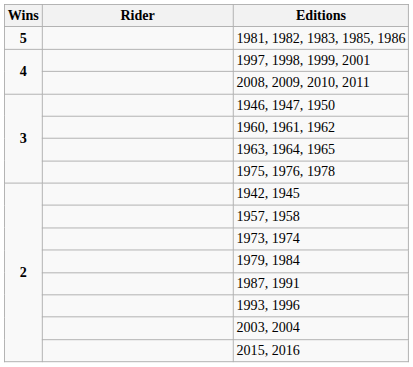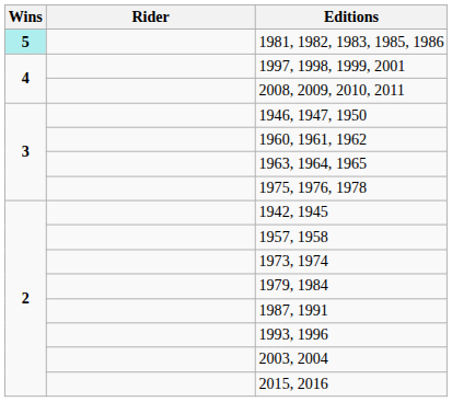 <table class="wikitable">
 <tr>
 <th>Wins</th>
 <th>Rider</th>
 <th>Editions</th>
 </tr>
 <tr>
-<td align="center"><strong>5</strong></td>
+<td align="center" style="background: paleturquoise;"><strong>5</strong></td>
 <td width=210px></td>
 <td>1981, 1982, 1983, 1985, 1986</td>
 </tr>
 <tr>
 <td rowspan= 2 align="center"><strong>4</strong></td>
 <td></td>
 <td>1997, 1998, 1999, 2001</td>
 </tr>
 <tr>
 <td></td>
 <td>2008, 2009, 2010, 2011</td>
 </tr>
 <tr>
 <td rowspan= 4 align="center"><strong>3</strong></td>
 <td></td>
 <td>1946, 1947, 1950</td>
 </tr>
 <tr>
 <td></td>
 <td>1960, 1961, 1962</td>
 </tr>
 <tr>
 <td></td>
 <td>1963, 1964, 1965</td>
 </tr>
 <tr>
 <td></td>
 <td>1975, 1976, 1978</td>
 </tr>
 <tr>
 <td rowspan= 8 align="center"><strong>2</strong></td>
 <td></td>
 <td>1942, 1945</td>
 </tr>
 <tr>
 <td></td>
 <td>1957, 1958</td>
 </tr>
 <tr>
 <td></td>
 <td>1973, 1974</td>
 </tr>
 <tr>
 <td></td>
 <td>1979, 1984</td>
 </tr>
 <tr>
 <td></td>
 <td>1987, 1991</td>
 </tr>
 <tr>
 <td></td>
 <td>1993, 1996</td>
 </tr>
 <tr>
 <td></td>
 <td>2003, 2004</td>
 </tr>
 <tr>
 <td></td>
 <td>2015, 2016</td>
 </tr>
 </table>
